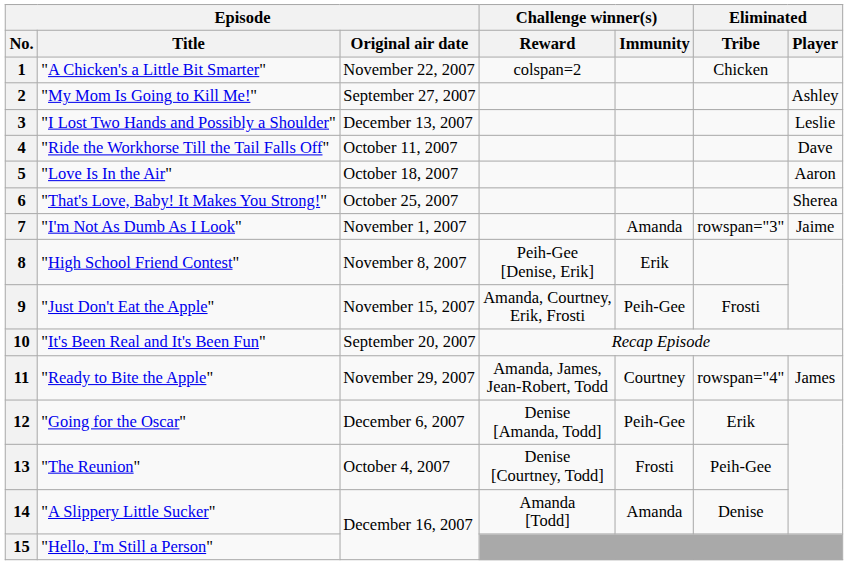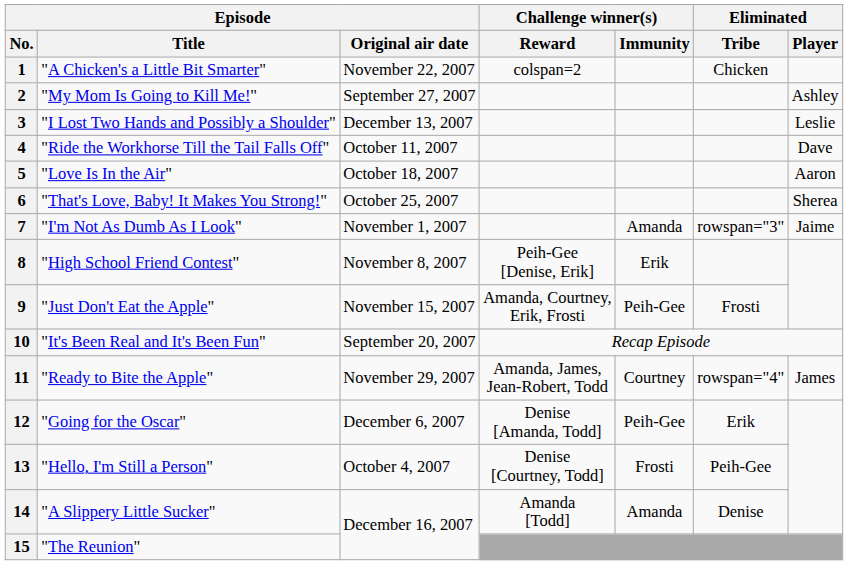 <table class="wikitable nowrap" style="margin:auto; text-align:center">
 <tr>
 <th scope="col" colspan="3">Episode</th>
 <th scope="col" colspan="2">Challenge winner(s)</th>
 <th colspan="2">Eliminated</th>
 </tr>
 <tr>
 <th scope="col">No.</th>
 <th scope="col">Title</th>
 <th scope="col">Original air date</th>
 <th scope="col">Reward</th>
 <th scope="col">Immunity</th>
 <th scope="col">Tribe</th>
 <th scope="col">Player</th>
 </tr>
 <tr>
 <th>1</th>
 <td align="left">"<a href='#'>A Chicken's a Little Bit Smarter</a>"</td>
 <td align="left">November 22, 2007</td>
 <td>colspan=2 </td>
 <td></td>
 <td>Chicken</td>
 </tr>
 <tr>
 <th>2</th>
 <td align="left">"<a href='#'>My Mom Is Going to Kill Me!</a>"</td>
 <td align="left">September 27, 2007</td>
 <td></td>
 <td></td>
 <td></td>
 <td>Ashley</td>
 </tr>
 <tr>
 <th>3</th>
 <td align="left">"<a href='#'>I Lost Two Hands and Possibly a Shoulder</a>"</td>
 <td align="left">December 13, 2007</td>
 <td></td>
 <td></td>
 <td></td>
 <td>Leslie</td>
 </tr>
 <tr>
 <th>4</th>
 <td align="left">"<a href='#'>Ride the Workhorse Till the Tail Falls Off</a>"</td>
 <td align="left">October 11, 2007</td>
 <td></td>
 <td></td>
 <td></td>
 <td>Dave</td>
 </tr>
 <tr>
 <th>5</th>
 <td align="left">"<a href='#'>Love Is In the Air</a>"</td>
 <td align="left">October 18, 2007</td>
 <td></td>
 <td></td>
 <td></td>
 <td>Aaron</td>
 </tr>
 <tr>
 <th>6</th>
 <td align="left">"<a href='#'>That's Love, Baby! It Makes You Strong!</a>"</td>
 <td align="left">October 25, 2007</td>
 <td></td>
 <td></td>
 <td></td>
 <td>Sherea</td>
 </tr>
 <tr>
 <th>7</th>
 <td align="left">"<a href='#'>I'm Not As Dumb As I Look</a>"</td>
 <td align="left">November 1, 2007</td>
 <td></td>
 <td>Amanda</td>
 <td>rowspan="3" </td>
 <td>Jaime</td>
 </tr>
 <tr>
 <th>8</th>
 <td align="left">"<a href='#'>High School Friend Contest</a>"</td>
 <td align="left">November 8, 2007</td>
 <td>Peih-Gee<br>[Denise, Erik]</td>
 <td>Erik</td>
 <td></td>
 </tr>
 <tr>
 <th>9</th>
 <td align="left">"<a href='#'>Just Don't Eat the Apple</a>"</td>
 <td align="left">November 15, 2007</td>
 <td>Amanda, Courtney,<br>Erik, Frosti</td>
 <td>Peih-Gee</td>
 <td>Frosti</td>
 </tr>
 <tr>
 <th>10</th>
 <td align="left">"<a href='#'>It's Been Real and It's Been Fun</a>"</td>
 <td align="left">September 20, 2007</td>
 <td colspan="4"><em>Recap Episode</em></td>
 </tr>
 <tr>
 <th>11</th>
 <td align="left">"<a href='#'>Ready to Bite the Apple</a>"</td>
 <td align="left">November 29, 2007</td>
 <td>Amanda, James,<br>Jean-Robert, Todd</td>
 <td>Courtney</td>
 <td>rowspan="4" </td>
 <td>James</td>
 </tr>
 <tr>
 <th>12</th>
 <td align="left">"<a href='#'>Going for the Oscar</a>"</td>
 <td align="left">December 6, 2007</td>
 <td>Denise<br>[Amanda, Todd]</td>
 <td>Peih-Gee</td>
 <td>Erik</td>
 </tr>
 <tr>
 <th>13</th>
-<td align="left">"<a href='#'>The Reunion</a>"</td>
+<td align="left">"<a href='#'>Hello, I'm Still a Person</a>"</td>
 <td align="left">October 4, 2007</td>
 <td>Denise<br>[Courtney, Todd]</td>
 <td>Frosti</td>
 <td>Peih-Gee</td>
 </tr>
 <tr>
 <th>14</th>
 <td align="left">"<a href='#'>A Slippery Little Sucker</a>"</td>
 <td rowspan="2" align="left">December 16, 2007</td>
 <td>Amanda<br>[Todd]</td>
 <td>Amanda</td>
 <td>Denise</td>
 </tr>
 <tr>
 <th>15</th>
-<td align="left">"<a href='#'>Hello, I'm Still a Person</a>"</td>
+<td align="left">"<a href='#'>The Reunion</a>"</td>
 <td colspan="4" bgcolor="darkgray"></td>
 </tr>
 </table>
